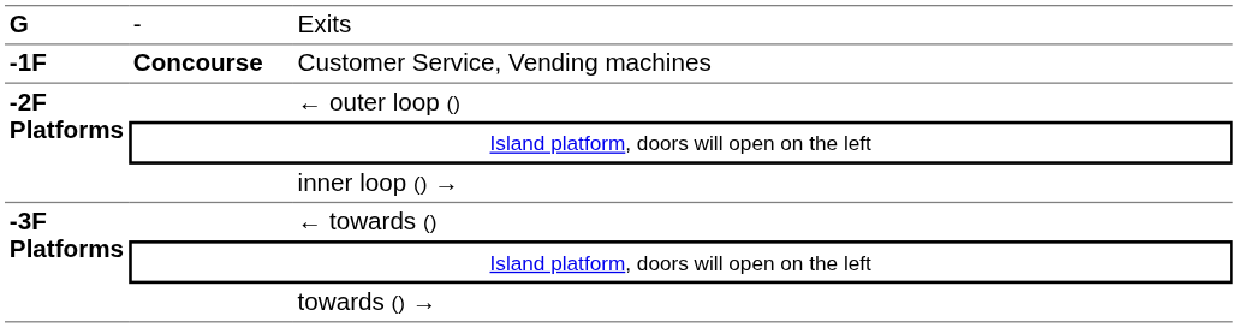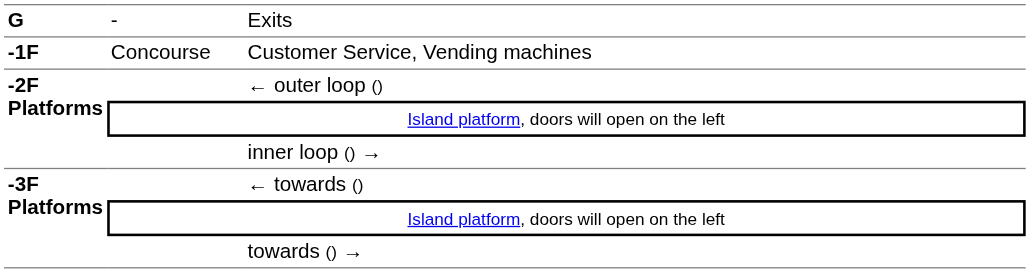 <table table border=0 cellspacing=0 cellpadding=3>
 <tr>
 <td style="border-top:solid 1px gray;" width=50 valign=top><strong>G</strong></td>
 <td style="border-top:solid 1px gray;" width=100 valign=top>-</td>
 <td style="border-top:solid 1px gray;" width=600 valign=top>Exits</td>
 </tr>
 <tr>
 <td style="border-bottom:solid 1px gray; border-top:solid 1px gray;" valign=top width=50><strong>-1F</strong></td>
-<td style="border-bottom:solid 1px gray; border-top:solid 1px gray;" valign=top width=100><strong>Concourse<br></strong></td>
+<td style="border-bottom:solid 1px gray; border-top:solid 1px gray;" valign=top width=100>Concourse<br></td>
 <td style="border-bottom:solid 1px gray; border-top:solid 1px gray;" valign=top width=390>Customer Service, Vending machines</td>
 </tr>
 <tr>
 <td style="border-bottom:solid 1px gray; " rowspan="3" valign=top><strong>-2F<br>Platforms</strong></td>
 <td></td>
 <td>←  outer loop <small>()</small></td>
 </tr>
 <tr>
 <td style="border-right:solid 2px black;border-left:solid 2px black;border-top:solid 2px black;border-bottom:solid 2px black;text-align:center;" colspan=2><small><a href='#'>Island platform</a>, doors will open on the left</small></td>
 </tr>
 <tr>
 <td style="border-bottom:solid 1px gray;"></td>
 <td style="border-bottom:solid 1px gray;">  inner loop <small>()</small> →</td>
 </tr>
 <tr>
 <td style="border-bottom:solid 1px gray;" rowspan="3" valign=top><strong>-3F<br>Platforms</strong></td>
 <td></td>
 <td>←  towards  <small>()</small></td>
 </tr>
 <tr>
 <td style="border-right:solid 2px black;border-left:solid 2px black;border-top:solid 2px black;border-bottom:solid 2px black;text-align:center;" colspan=2><small><a href='#'>Island platform</a>, doors will open on the left</small></td>
 </tr>
 <tr>
 <td style="border-bottom:solid 1px gray;"></td>
 <td style="border-bottom:solid 1px gray;">  towards  <small>()</small> →</td>
 </tr>
 </table>
